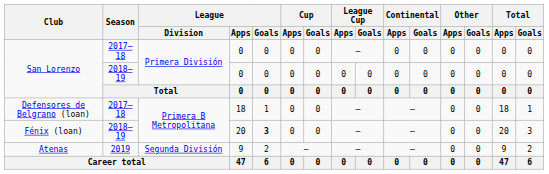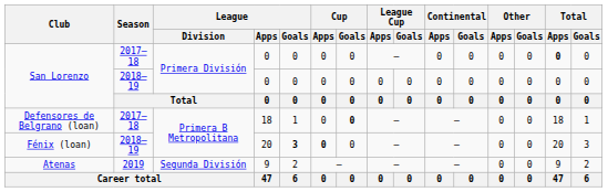 <table class="wikitable" style="text-align:center">
 <tr>
 <th rowspan="2">Club</th>
 <th rowspan="2">Season</th>
 <th colspan="3">League</th>
 <th colspan="2">Cup</th>
 <th colspan="2">League Cup</th>
 <th colspan="2">Continental</th>
 <th colspan="2">Other</th>
 <th colspan="2">Total</th>
 </tr>
 <tr>
 <th>Division</th>
 <th>Apps</th>
 <th>Goals</th>
 <th>Apps</th>
 <th>Goals</th>
 <th>Apps</th>
 <th>Goals</th>
 <th>Apps</th>
 <th>Goals</th>
 <th>Apps</th>
 <th>Goals</th>
 <th>Apps</th>
 <th>Goals</th>
 </tr>
 <tr>
 <td rowspan="3"><a href='#'>San Lorenzo</a></td>
 <td><a href='#'>2017–18</a></td>
 <td rowspan="2"><a href='#'>Primera División</a></td>
 <td>0</td>
 <td>0</td>
 <td>0</td>
 <td>0</td>
 <td colspan="2">—</td>
 <td>0</td>
 <td>0</td>
 <td>0</td>
 <td>0</td>
-<td>0</td>
+<td><strong>0</strong></td>
 <td>0</td>
 </tr>
 <tr>
 <td><a href='#'>2018–19</a></td>
 <td>0</td>
 <td>0</td>
 <td>0</td>
 <td>0</td>
 <td>0</td>
 <td>0</td>
 <td>0</td>
 <td>0</td>
 <td>0</td>
 <td>0</td>
 <td>0</td>
 <td>0</td>
 </tr>
 <tr>
 <th colspan="2">Total</th>
 <th>0</th>
 <th>0</th>
 <th>0</th>
 <th>0</th>
 <th>0</th>
 <th>0</th>
 <th>0</th>
 <th>0</th>
 <th>0</th>
 <th>0</th>
 <th>0</th>
 <th>0</th>
 </tr>
 <tr>
 <td rowspan="1"><a href='#'>Defensores de Belgrano</a> (loan)</td>
 <td><a href='#'>2017–18</a></td>
 <td rowspan="2"><a href='#'>Primera B Metropolitana</a></td>
 <td>18</td>
 <td>1</td>
 <td>0</td>
-<td>0</td>
+<td><strong>0</strong></td>
 <td colspan="2">—</td>
 <td colspan="2">—</td>
 <td>0</td>
 <td>0</td>
 <td>18</td>
 <td>1</td>
 </tr>
 <tr>
 <td rowspan="1"><a href='#'>Fénix</a> (loan)</td>
 <td><a href='#'>2018–19</a></td>
 <td>20</td>
 <td><strong>3</strong></td>
-<td>0</td>
+<td><strong>0</strong></td>
 <td>0</td>
 <td colspan="2">—</td>
 <td colspan="2">—</td>
 <td>0</td>
 <td>0</td>
 <td>20</td>
 <td>3</td>
 </tr>
 <tr>
 <td rowspan="1"><a href='#'>Atenas</a></td>
 <td><a href='#'>2019</a></td>
 <td rowspan="1"><a href='#'>Segunda División</a></td>
 <td>9</td>
 <td>2</td>
 <td colspan="2">—</td>
 <td colspan="2">—</td>
 <td colspan="2">—</td>
 <td>0</td>
 <td>0</td>
 <td>9</td>
 <td>2</td>
 </tr>
 <tr>
 <th colspan="3">Career total</th>
 <th>47</th>
 <th>6</th>
 <th>0</th>
 <th>0</th>
 <th>0</th>
 <th>0</th>
 <th>0</th>
 <th>0</th>
 <th>0</th>
 <th>0</th>
 <th>47</th>
 <th>6</th>
 </tr>
 </table>
